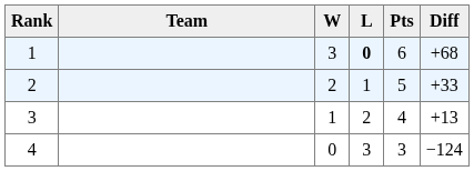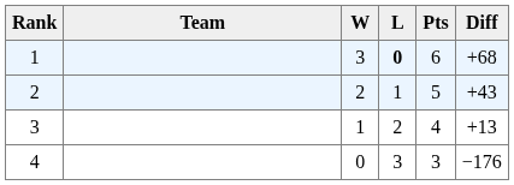 <table style=border-collapse:collapse border=1 cellspacing=0 cellpadding=5>
 <tr align=center bgcolor=#efefef>
 <th width=20>Rank</th>
 <th width=220>Team</th>
 <th width=20>W</th>
 <th width=20>L</th>
 <th width=20>Pts</th>
 <th width=25>Diff</th>
 </tr>
 <tr align=center bgcolor=#EBF5FF>
 <td>1</td>
 <td align=left></td>
 <td>3</td>
 <td><strong>0</strong></td>
 <td>6</td>
 <td>+68</td>
 </tr>
 <tr align=center bgcolor=#EBF5FF>
 <td>2</td>
 <td align=left></td>
 <td>2</td>
 <td>1</td>
 <td>5</td>
-<td>+33</td>
+<td>+43</td>
 </tr>
 <tr align=center>
 <td>3</td>
 <td align=left></td>
 <td>1</td>
 <td>2</td>
 <td>4</td>
 <td>+13</td>
 </tr>
 <tr align=center>
 <td>4</td>
 <td align=left></td>
 <td>0</td>
 <td>3</td>
 <td>3</td>
-<td>−124</td>
+<td>−176</td>
 </tr>
 </table>
